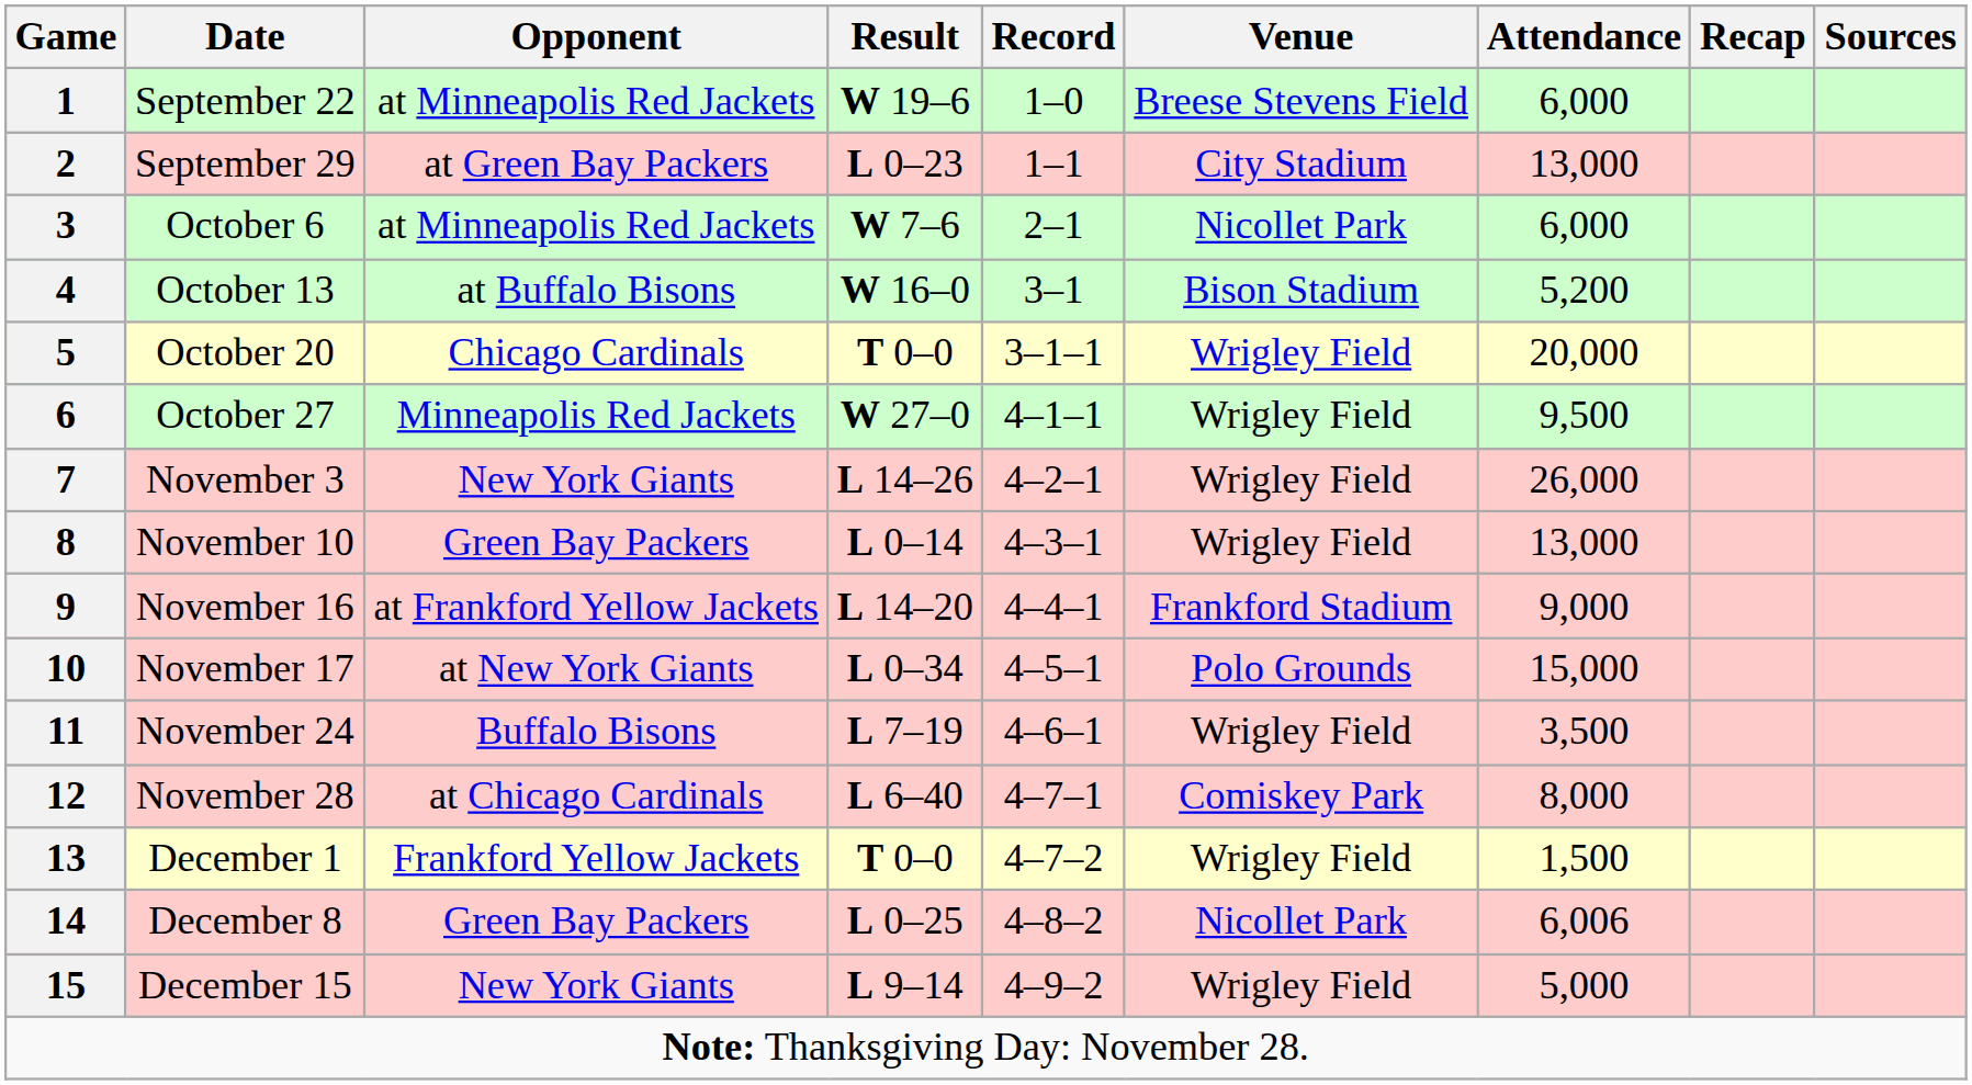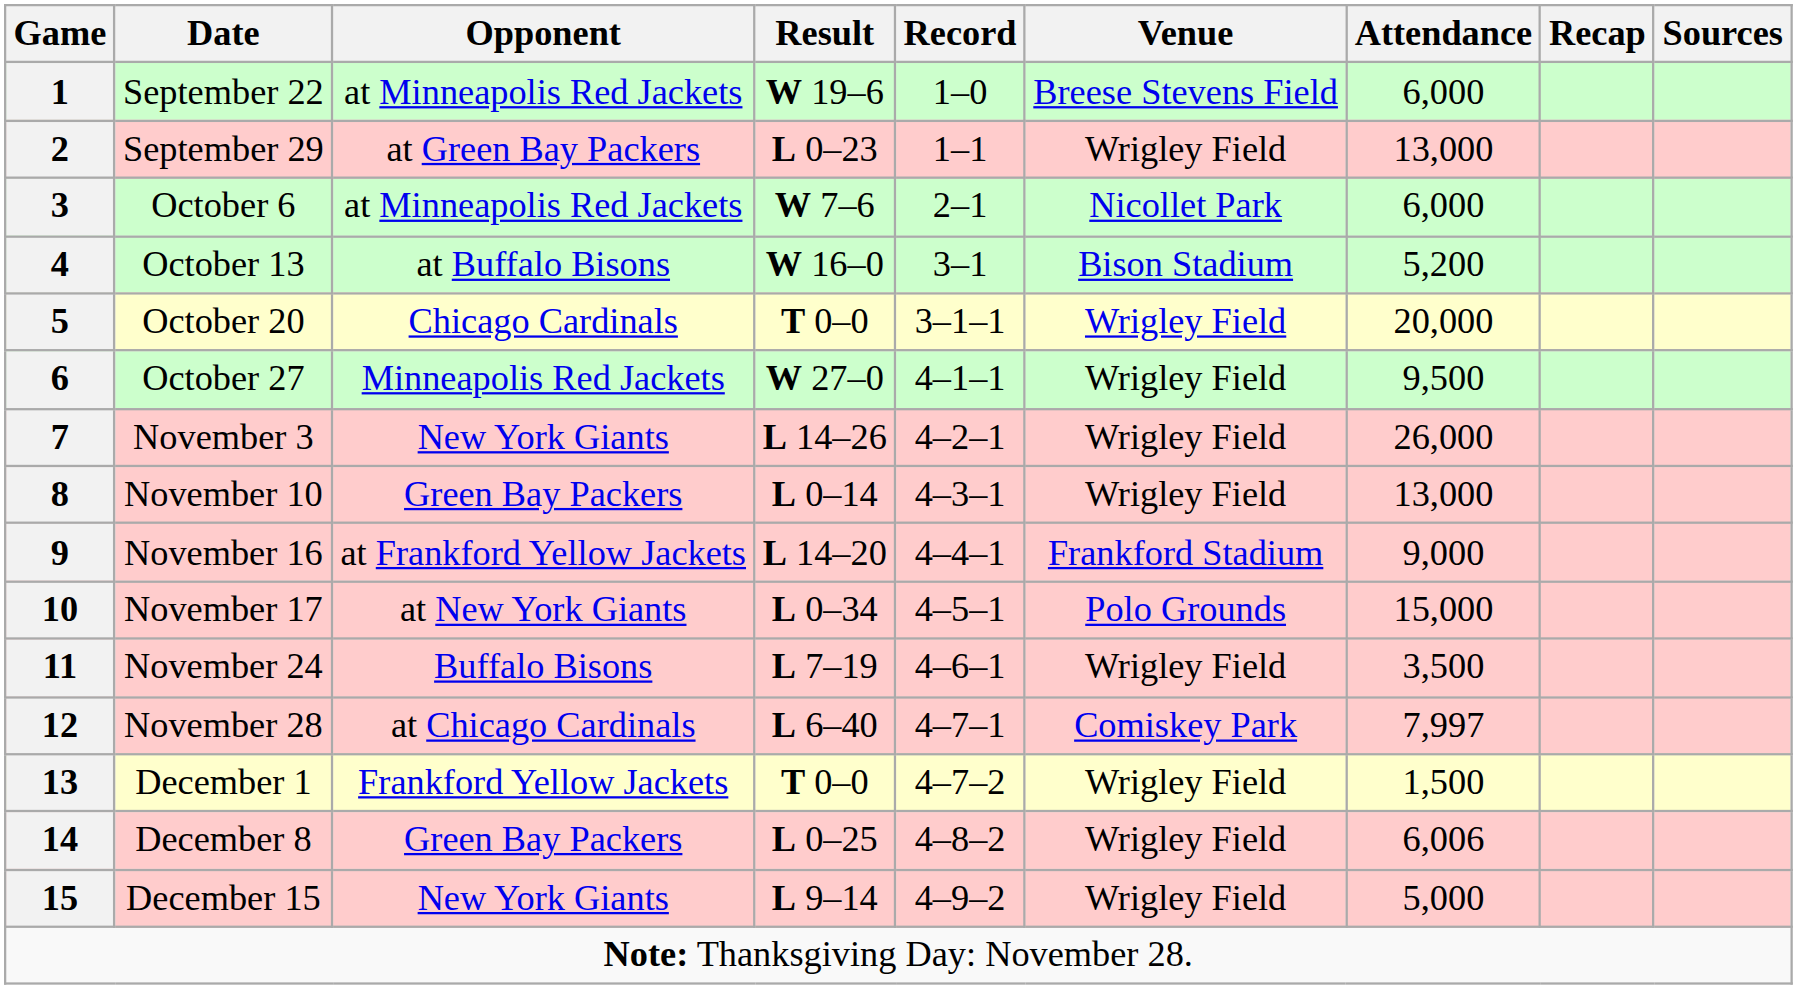 <table class="wikitable" style="text-align:center">
 <tr>
 <th>Game</th>
 <th>Date</th>
 <th>Opponent</th>
 <th>Result</th>
 <th>Record</th>
 <th>Venue</th>
 <th>Attendance</th>
 <th>Recap</th>
 <th>Sources</th>
 </tr>
 <tr style="background:#cfc">
 <th>1</th>
 <td>September 22</td>
 <td>at <a href='#'>Minneapolis Red Jackets</a></td>
 <td><strong>W</strong> 19–6</td>
 <td>1–0</td>
 <td><a href='#'>Breese Stevens Field</a></td>
 <td>6,000</td>
 <td></td>
 <td></td>
 </tr>
 <tr style="background:#fcc">
 <th>2</th>
 <td>September 29</td>
 <td>at <a href='#'>Green Bay Packers</a></td>
 <td><strong>L</strong> 0–23</td>
 <td>1–1</td>
-<td><a href='#'>City Stadium</a></td>
+<td>Wrigley Field</td>
 <td>13,000</td>
 <td></td>
 <td></td>
 </tr>
 <tr style="background:#cfc">
 <th>3</th>
 <td>October 6</td>
 <td>at <a href='#'>Minneapolis Red Jackets</a></td>
 <td><strong>W</strong> 7–6</td>
 <td>2–1</td>
 <td><a href='#'>Nicollet Park</a></td>
 <td>6,000</td>
 <td></td>
 <td></td>
 </tr>
 <tr style="background:#cfc">
 <th>4</th>
 <td>October 13</td>
 <td>at <a href='#'>Buffalo Bisons</a></td>
 <td><strong>W</strong> 16–0</td>
 <td>3–1</td>
 <td><a href='#'>Bison Stadium</a></td>
 <td>5,200</td>
 <td></td>
 <td></td>
 </tr>
 <tr style="background:#ffc">
 <th>5</th>
 <td>October 20</td>
 <td><a href='#'>Chicago Cardinals</a></td>
 <td><strong>T</strong> 0–0</td>
 <td>3–1–1</td>
 <td><a href='#'>Wrigley Field</a></td>
 <td>20,000</td>
 <td></td>
 <td></td>
 </tr>
 <tr style="background:#cfc">
 <th>6</th>
 <td>October 27</td>
 <td><a href='#'>Minneapolis Red Jackets</a></td>
 <td><strong>W</strong> 27–0</td>
 <td>4–1–1</td>
 <td>Wrigley Field</td>
 <td>9,500</td>
 <td></td>
 <td></td>
 </tr>
 <tr style="background:#fcc">
 <th>7</th>
 <td>November 3</td>
 <td><a href='#'>New York Giants</a></td>
 <td><strong>L</strong> 14–26</td>
 <td>4–2–1</td>
 <td>Wrigley Field</td>
 <td>26,000</td>
 <td></td>
 <td></td>
 </tr>
 <tr style="background:#fcc">
 <th>8</th>
 <td>November 10</td>
 <td><a href='#'>Green Bay Packers</a></td>
 <td><strong>L</strong> 0–14</td>
 <td>4–3–1</td>
 <td>Wrigley Field</td>
 <td>13,000</td>
 <td></td>
 <td></td>
 </tr>
 <tr style="background:#fcc">
 <th>9</th>
 <td>November 16</td>
 <td>at <a href='#'>Frankford Yellow Jackets</a></td>
 <td><strong>L</strong> 14–20</td>
 <td>4–4–1</td>
 <td><a href='#'>Frankford Stadium</a></td>
 <td>9,000</td>
 <td></td>
 <td></td>
 </tr>
 <tr style="background:#fcc">
 <th>10</th>
 <td>November 17</td>
 <td>at <a href='#'>New York Giants</a></td>
 <td><strong>L</strong> 0–34</td>
 <td>4–5–1</td>
 <td><a href='#'>Polo Grounds</a></td>
 <td>15,000</td>
 <td></td>
 <td></td>
 </tr>
 <tr style="background:#fcc">
 <th>11</th>
 <td>November 24</td>
 <td><a href='#'>Buffalo Bisons</a></td>
 <td><strong>L</strong> 7–19</td>
 <td>4–6–1</td>
 <td>Wrigley Field</td>
 <td>3,500</td>
 <td></td>
 <td></td>
 </tr>
 <tr style="background:#fcc">
 <th>12</th>
 <td>November 28</td>
 <td>at <a href='#'>Chicago Cardinals</a></td>
 <td><strong>L</strong> 6–40</td>
 <td>4–7–1</td>
 <td><a href='#'>Comiskey Park</a></td>
-<td>8,000</td>
+<td>7,997</td>
 <td></td>
 <td></td>
 </tr>
 <tr style="background:#ffc">
 <th>13</th>
 <td>December 1</td>
 <td><a href='#'>Frankford Yellow Jackets</a></td>
 <td><strong>T</strong> 0–0</td>
 <td>4–7–2</td>
 <td>Wrigley Field</td>
 <td>1,500</td>
 <td></td>
 <td></td>
 </tr>
 <tr style="background:#fcc">
 <th>14</th>
 <td>December 8</td>
 <td><a href='#'>Green Bay Packers</a></td>
 <td><strong>L</strong> 0–25</td>
 <td>4–8–2</td>
-<td><a href='#'>Nicollet Park</a></td>
+<td>Wrigley Field</td>
 <td>6,006</td>
 <td></td>
 <td></td>
 </tr>
 <tr style="background:#fcc">
 <th>15</th>
 <td>December 15</td>
 <td><a href='#'>New York Giants</a></td>
 <td><strong>L</strong> 9–14</td>
 <td>4–9–2</td>
 <td>Wrigley Field</td>
 <td>5,000</td>
 <td></td>
 <td></td>
 </tr>
 <tr>
 <td colspan="10"><strong>Note:</strong> Thanksgiving Day: November 28.</td>
 </tr>
 </table>
